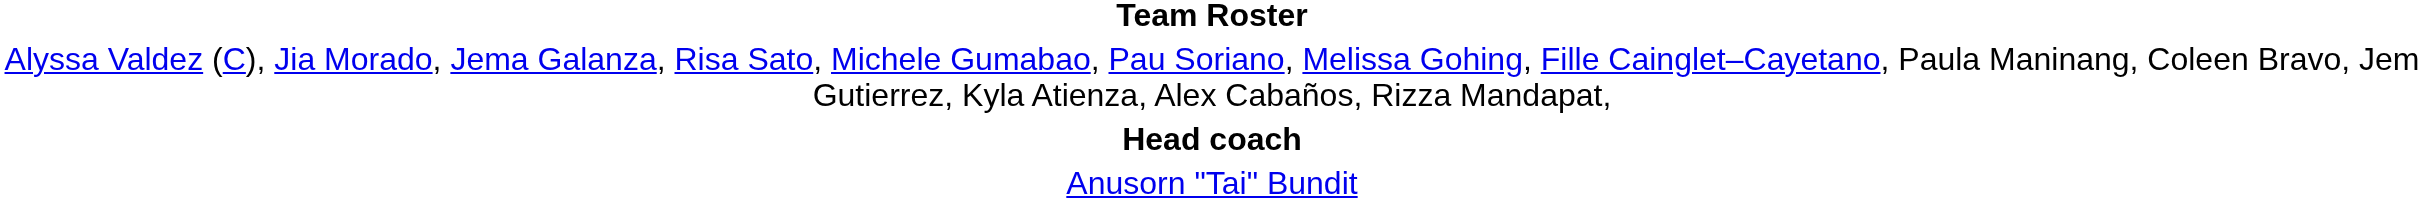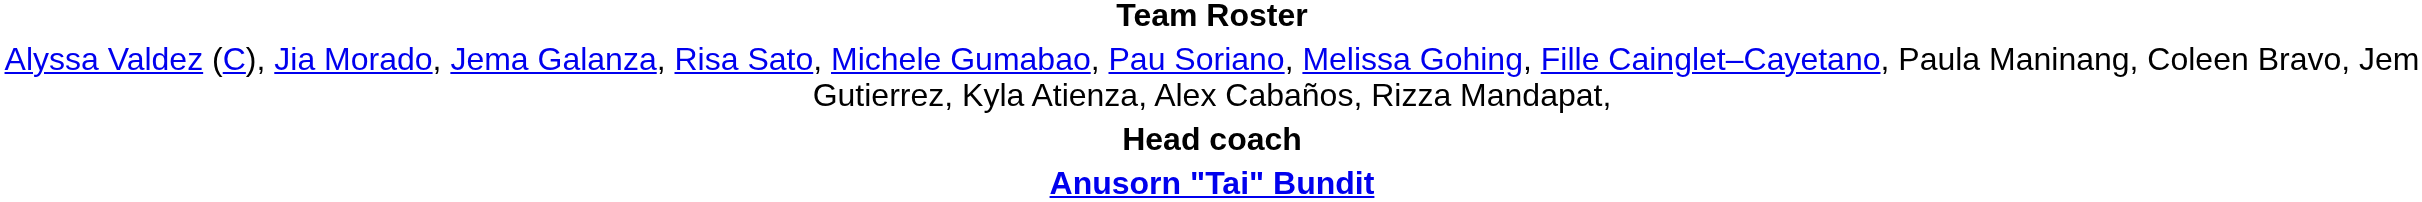 <table style="text-align:center; margin-top:2em; margin-left:auto; margin-right:auto">
 <tr>
 <td><strong>Team Roster</strong></td>
 </tr>
 <tr>
 <td><a href='#'>Alyssa Valdez</a> (<a href='#'>C</a>), <a href='#'>Jia Morado</a>, <a href='#'>Jema Galanza</a>, <a href='#'>Risa Sato</a>, <a href='#'>Michele Gumabao</a>, <a href='#'>Pau Soriano</a>, <a href='#'>Melissa Gohing</a>, <a href='#'>Fille Cainglet–Cayetano</a>, Paula Maninang, Coleen Bravo, Jem Gutierrez, Kyla Atienza, Alex Cabaños, Rizza Mandapat,</td>
 </tr>
 <tr>
 <td><strong>Head coach</strong></td>
 </tr>
 <tr>
-<td><a href='#'>Anusorn "Tai" Bundit</a></td>
+<td><strong><a href='#'>Anusorn "Tai" Bundit</a></strong></td>
 </tr>
 </table>
